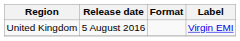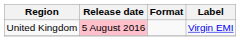 <table class="wikitable">
 <tr>
 <th>Region</th>
 <th>Release date</th>
 <th>Format</th>
 <th>Label</th>
 </tr>
 <tr>
 <td>United Kingdom</td>
-<td>5 August 2016</td>
+<td style="background: pink;">5 August 2016</td>
 <td></td>
 <td><a href='#'>Virgin EMI</a></td>
 </tr>
 <tr>
 </tr>
 </table>
